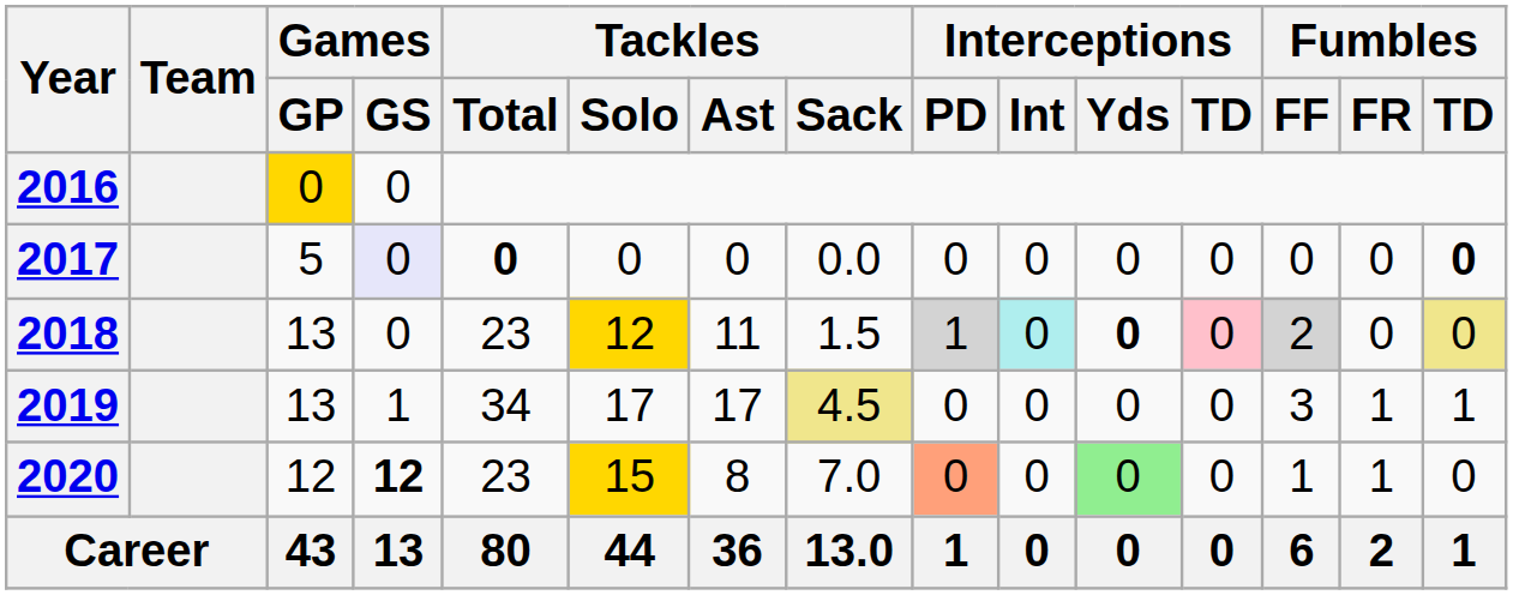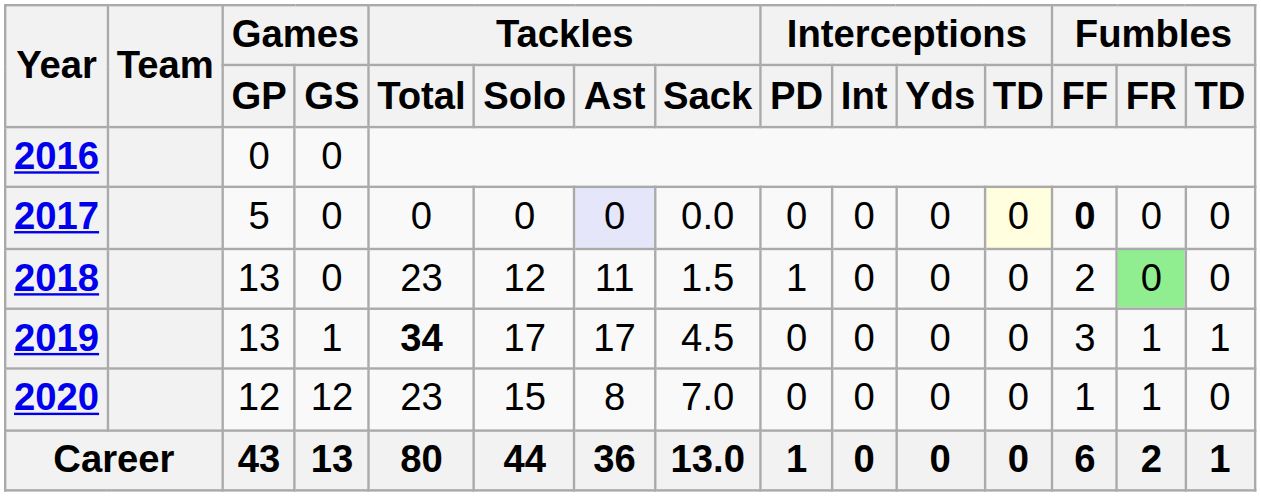 <table class="wikitable" style="text-align:center;">
 <tr>
 <th rowspan="2">Year</th>
 <th rowspan="2">Team</th>
 <th colspan="2">Games</th>
 <th colspan="4">Tackles</th>
 <th colspan="4">Interceptions</th>
 <th colspan="3">Fumbles</th>
 </tr>
 <tr>
 <th>GP</th>
 <th>GS</th>
 <th>Total</th>
 <th>Solo</th>
 <th>Ast</th>
 <th>Sack</th>
 <th>PD</th>
 <th>Int</th>
 <th>Yds</th>
 <th>TD</th>
 <th>FF</th>
 <th>FR</th>
 <th>TD</th>
 </tr>
 <tr>
 <th><a href='#'>2016</a></th>
 <th><a href='#'></a></th>
-<td style="background: gold;">0</td>
+<td>0</td>
 <td>0</td>
 <td colspan="11"></td>
 </tr>
 <tr>
 <th><a href='#'>2017</a></th>
 <th><a href='#'></a></th>
 <td>5</td>
-<td style="background: lavender;">0</td>
-<td><strong>0</strong></td>
 <td>0</td>
 <td>0</td>
+<td>0</td>
+<td style="background: lavender;">0</td>
 <td>0.0</td>
 <td>0</td>
 <td>0</td>
 <td>0</td>
+<td style="background: lightyellow;">0</td>
+<td><strong>0</strong></td>
 <td>0</td>
 <td>0</td>
-<td>0</td>
-<td><strong>0</strong></td>
 </tr>
 <tr>
 <th><a href='#'>2018</a></th>
 <th><a href='#'></a></th>
 <td>13</td>
 <td>0</td>
 <td>23</td>
-<td style="background: gold;">12</td>
+<td>12</td>
 <td>11</td>
 <td>1.5</td>
-<td style="background: lightgrey;">1</td>
-<td style="background: paleturquoise;">0</td>
-<td><strong>0</strong></td>
-<td style="background: pink;">0</td>
-<td style="background: lightgrey;">2</td>
+<td>1</td>
 <td>0</td>
-<td style="background: khaki;">0</td>
+<td>0</td>
+<td>0</td>
+<td>2</td>
+<td style="background: lightgreen;">0</td>
+<td>0</td>
 </tr>
 <tr>
 <th><a href='#'>2019</a></th>
 <th><a href='#'></a></th>
 <td>13</td>
 <td>1</td>
-<td>34</td>
+<td><strong>34</strong></td>
 <td>17</td>
 <td>17</td>
-<td style="background: khaki;">4.5</td>
+<td>4.5</td>
 <td>0</td>
 <td>0</td>
 <td>0</td>
 <td>0</td>
 <td>3</td>
 <td>1</td>
 <td>1</td>
 </tr>
 <tr>
 <th><a href='#'>2020</a></th>
 <th><a href='#'></a></th>
 <td>12</td>
-<td><strong>12</strong></td>
+<td>12</td>
 <td>23</td>
-<td style="background: gold;">15</td>
+<td>15</td>
 <td>8</td>
 <td>7.0</td>
-<td style="background: lightsalmon;">0</td>
 <td>0</td>
-<td style="background: lightgreen;">0</td>
+<td>0</td>
+<td>0</td>
 <td>0</td>
 <td>1</td>
 <td>1</td>
 <td>0</td>
 </tr>
 <tr>
 <th align=center colspan="2">Career</th>
 <th>43</th>
 <th>13</th>
 <th>80</th>
 <th>44</th>
 <th>36</th>
 <th>13.0</th>
 <th>1</th>
 <th>0</th>
 <th>0</th>
 <th>0</th>
 <th>6</th>
 <th>2</th>
 <th>1</th>
 </tr>
 </table>
